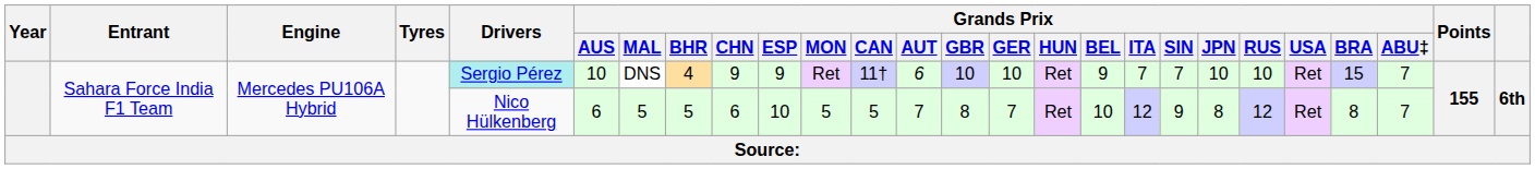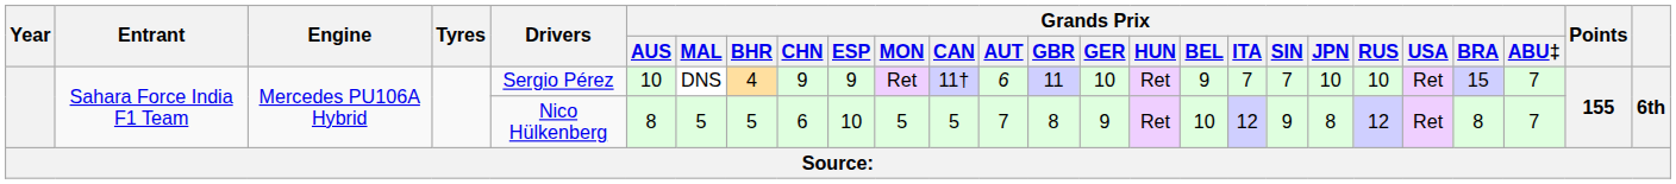 <table class="wikitable" style="text-align:center; font-size:90%">
 <tr>
 <th rowspan="2">Year</th>
 <th rowspan="2">Entrant</th>
 <th rowspan="2">Engine</th>
 <th rowspan="2">Tyres</th>
 <th rowspan="2">Drivers</th>
 <th colspan="19">Grands Prix</th>
 <th rowspan="2">Points</th>
 <th rowspan="2"></th>
 </tr>
 <tr>
 <th><a href='#'>AUS</a></th>
 <th><a href='#'>MAL</a></th>
 <th><a href='#'>BHR</a></th>
 <th><a href='#'>CHN</a></th>
 <th><a href='#'>ESP</a></th>
 <th><a href='#'>MON</a></th>
 <th><a href='#'>CAN</a></th>
 <th><a href='#'>AUT</a></th>
 <th><a href='#'>GBR</a></th>
 <th><a href='#'>GER</a></th>
 <th><a href='#'>HUN</a></th>
 <th><a href='#'>BEL</a></th>
 <th><a href='#'>ITA</a></th>
 <th><a href='#'>SIN</a></th>
 <th><a href='#'>JPN</a></th>
 <th><a href='#'>RUS</a></th>
 <th><a href='#'>USA</a></th>
 <th><a href='#'>BRA</a></th>
 <th><a href='#'>ABU</a>‡</th>
 </tr>
 <tr>
 <th rowspan=2></th>
 <td rowspan=2><a href='#'>Sahara Force India F1 Team</a></td>
 <td rowspan=2><a href='#'>Mercedes PU106A Hybrid</a></td>
 <td rowspan=2></td>
-<td align="center" style="background: paleturquoise;"><a href='#'>Sergio Pérez</a></td>
+<td align="center"><a href='#'>Sergio Pérez</a></td>
 <td style="background:#dfffdf;">10</td>
 <td style="background:#ffffff;">DNS</td>
 <td style="background:#ffdf9f;">4</td>
 <td style="background:#dfffdf;">9</td>
 <td style="background:#dfffdf;">9</td>
 <td style="background:#efcfff;">Ret</td>
 <td style="background:#cfcfff;">11†</td>
 <td style="background:#dfffdf;"><em>6</em></td>
-<td style="background:#cfcfff;">10</td>
+<td style="background:#cfcfff;">11</td>
 <td style="background:#dfffdf;">10</td>
 <td style="background:#efcfff;">Ret</td>
 <td style="background:#dfffdf;">9</td>
 <td style="background:#dfffdf;">7</td>
 <td style="background:#dfffdf;">7</td>
 <td style="background:#dfffdf;">10</td>
 <td style="background:#dfffdf;">10</td>
 <td style="background:#efcfff;">Ret</td>
 <td style="background:#cfcfff;">15</td>
 <td style="background:#dfffdf;">7</td>
 <th rowspan="2">155</th>
 <th rowspan="2">6th</th>
 </tr>
 <tr>
 <td align="center"><a href='#'>Nico Hülkenberg</a></td>
-<td style="background:#dfffdf;">6</td>
+<td style="background:#dfffdf;">8</td>
 <td style="background:#dfffdf;">5</td>
 <td style="background:#dfffdf;">5</td>
 <td style="background:#dfffdf;">6</td>
 <td style="background:#dfffdf;">10</td>
 <td style="background:#dfffdf;">5</td>
 <td style="background:#dfffdf;">5</td>
 <td style="background:#dfffdf;">7</td>
 <td style="background:#dfffdf;">8</td>
-<td style="background:#dfffdf;">7</td>
+<td style="background:#dfffdf;">9</td>
 <td style="background:#efcfff;">Ret</td>
 <td style="background:#dfffdf;">10</td>
 <td style="background:#cfcfff;">12</td>
 <td style="background:#dfffdf;">9</td>
 <td style="background:#dfffdf;">8</td>
 <td style="background:#cfcfff;">12</td>
 <td style="background:#efcfff;">Ret</td>
 <td style="background:#dfffdf;">8</td>
 <td style="background:#dfffdf;">7</td>
 </tr>
 <tr>
 <th colspan="26">Source:</th>
 </tr>
 </table>
